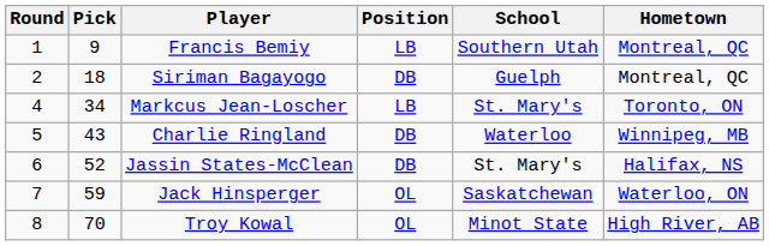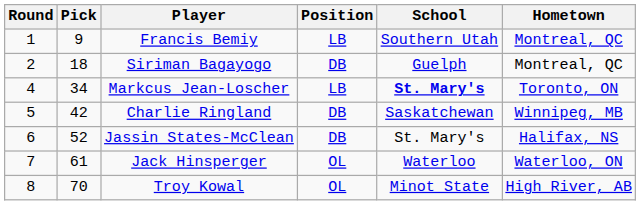 <table class="wikitable" style="font-size: 95%;">
 <tr>
 <th scope="col">Round</th>
 <th scope="col">Pick</th>
 <th scope="col">Player</th>
 <th scope="col">Position</th>
 <th scope="col">School</th>
 <th scope="col">Hometown</th>
 </tr>
 <tr align="center">
 <td align=center>1</td>
 <td>9</td>
 <td><a href='#'>Francis Bemiy</a></td>
 <td><a href='#'>LB</a></td>
 <td><a href='#'>Southern Utah</a></td>
 <td><a href='#'>Montreal, QC</a></td>
 </tr>
 <tr align="center">
 <td align=center>2</td>
 <td>18</td>
 <td><a href='#'>Siriman Bagayogo</a></td>
 <td><a href='#'>DB</a></td>
 <td><a href='#'>Guelph</a></td>
 <td>Montreal, QC</td>
 </tr>
 <tr align="center">
 <td align=center>4</td>
 <td>34</td>
 <td><a href='#'>Markcus Jean-Loscher</a></td>
 <td><a href='#'>LB</a></td>
-<td><a href='#'>St. Mary's</a></td>
+<td><strong><a href='#'>St. Mary's</a></strong></td>
 <td><a href='#'>Toronto, ON</a></td>
 </tr>
 <tr align="center">
 <td align=center>5</td>
-<td>43</td>
+<td>42</td>
 <td><a href='#'>Charlie Ringland</a></td>
 <td><a href='#'>DB</a></td>
-<td><a href='#'>Waterloo</a></td>
+<td><a href='#'>Saskatchewan</a></td>
 <td><a href='#'>Winnipeg, MB</a></td>
 </tr>
 <tr align="center">
 <td align=center>6</td>
 <td>52</td>
 <td><a href='#'>Jassin States-McClean</a></td>
 <td><a href='#'>DB</a></td>
 <td>St. Mary's</td>
 <td><a href='#'>Halifax, NS</a></td>
 </tr>
 <tr align="center">
 <td align=center>7</td>
-<td>59</td>
+<td>61</td>
 <td><a href='#'>Jack Hinsperger</a></td>
 <td><a href='#'>OL</a></td>
-<td><a href='#'>Saskatchewan</a></td>
+<td><a href='#'>Waterloo</a></td>
 <td><a href='#'>Waterloo, ON</a></td>
 </tr>
 <tr align="center">
 <td align=center>8</td>
 <td>70</td>
 <td><a href='#'>Troy Kowal</a></td>
 <td><a href='#'>OL</a></td>
 <td><a href='#'>Minot State</a></td>
 <td><a href='#'>High River, AB</a></td>
 </tr>
 </table>
